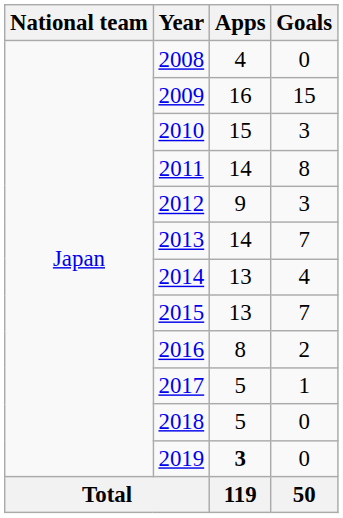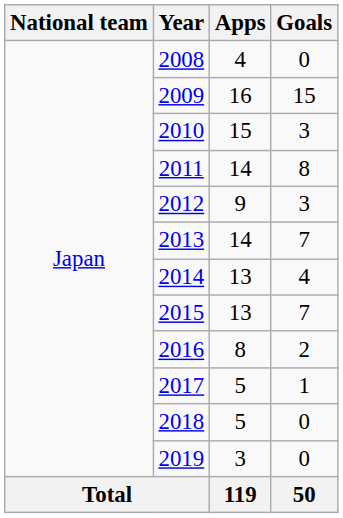 <table class="wikitable" style="text-align:center">
 <tr>
 <th>National team</th>
 <th>Year</th>
 <th>Apps</th>
 <th>Goals</th>
 </tr>
 <tr>
 <td rowspan="12"><a href='#'>Japan</a></td>
 <td><a href='#'>2008</a></td>
 <td>4</td>
 <td>0</td>
 </tr>
 <tr>
 <td><a href='#'>2009</a></td>
 <td>16</td>
 <td>15</td>
 </tr>
 <tr>
 <td><a href='#'>2010</a></td>
 <td>15</td>
 <td>3</td>
 </tr>
 <tr>
 <td><a href='#'>2011</a></td>
 <td>14</td>
 <td>8</td>
 </tr>
 <tr>
 <td><a href='#'>2012</a></td>
 <td>9</td>
 <td>3</td>
 </tr>
 <tr>
 <td><a href='#'>2013</a></td>
 <td>14</td>
 <td>7</td>
 </tr>
 <tr>
 <td><a href='#'>2014</a></td>
 <td>13</td>
 <td>4</td>
 </tr>
 <tr>
 <td><a href='#'>2015</a></td>
 <td>13</td>
 <td>7</td>
 </tr>
 <tr>
 <td><a href='#'>2016</a></td>
 <td>8</td>
 <td>2</td>
 </tr>
 <tr>
 <td><a href='#'>2017</a></td>
 <td>5</td>
 <td>1</td>
 </tr>
 <tr>
 <td><a href='#'>2018</a></td>
 <td>5</td>
 <td>0</td>
 </tr>
 <tr>
 <td><a href='#'>2019</a></td>
-<td><strong>3</strong></td>
+<td>3</td>
 <td>0</td>
 </tr>
 <tr>
 <th colspan="2">Total</th>
 <th>119</th>
 <th>50</th>
 </tr>
 </table>
